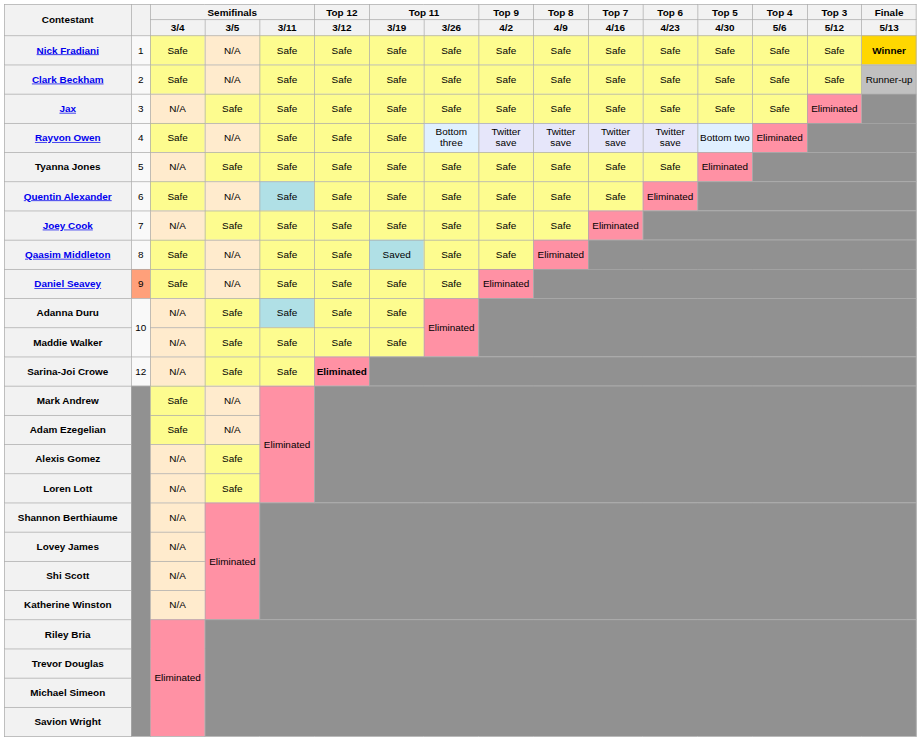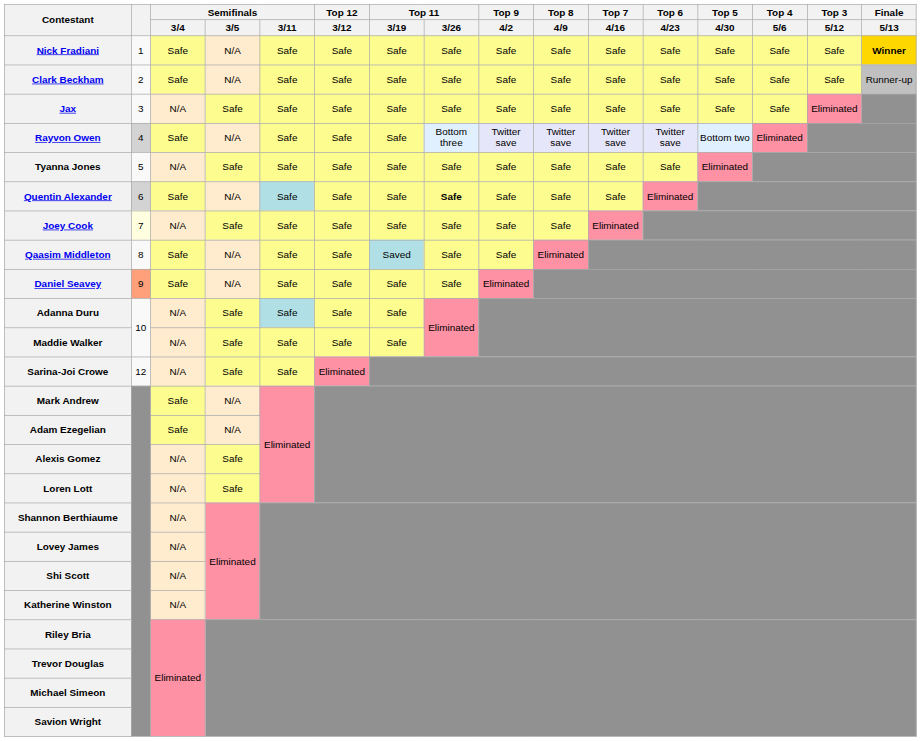 <table class="wikitable" style="text-align:center; font-size:85%;">
 <tr>
 <th scope="col" rowspan="2">Contestant</th>
 <th scope="col" rowspan="2"></th>
 <th colspan="3" scope="col" style="width:18%;">Semifinals</th>
 <th scope="col" style="width:6%;">Top 12</th>
 <th scope="col" colspan=2 style="width:12%;">Top 11</th>
 <th scope="col" style="width:6%;">Top 9</th>
 <th scope="col" style="width:6%;">Top 8</th>
 <th scope="col" style="width:6%;">Top 7</th>
 <th scope="col" style="width:6%;">Top 6</th>
 <th scope="col" style="width:6%;">Top 5</th>
 <th scope="col" style="width:6%;">Top 4</th>
 <th scope="col" style="width:6%;">Top 3</th>
 <th scope="col" style="width:6%;">Finale</th>
 </tr>
 <tr>
 <th>3/4</th>
 <th>3/5</th>
 <th>3/11</th>
 <th>3/12</th>
 <th scope="col" style="width:6%;">3/19</th>
 <th scope="col" style="width:6%;">3/26</th>
 <th>4/2</th>
 <th>4/9</th>
 <th>4/16</th>
 <th>4/23</th>
 <th>4/30</th>
 <th>5/6</th>
 <th>5/12</th>
 <th>5/13</th>
 </tr>
 <tr style="height:40px">
 <th scope="row"><a href='#'>Nick Fradiani</a></th>
 <td>1</td>
 <td style="background:#FDFC8F;">Safe</td>
 <td style="background:#FFEBCD;">N/A</td>
 <td style="background:#FDFC8F;">Safe</td>
 <td style="background:#FDFC8F;">Safe</td>
 <td style="background:#FDFC8F;">Safe</td>
 <td style="background:#FDFC8F;">Safe</td>
 <td style="background:#FDFC8F;">Safe</td>
 <td style="background:#FDFC8F;">Safe</td>
 <td style="background:#FDFC8F;">Safe</td>
 <td style="background:#FDFC8F;">Safe</td>
 <td style="background:#FDFC8F;">Safe</td>
 <td style="background:#FDFC8F;">Safe</td>
 <td style="background:#FDFC8F;">Safe</td>
 <td style="background:gold;"><strong>Winner</strong></td>
 </tr>
 <tr style="height:40px">
 <th scope="row"><a href='#'>Clark Beckham</a></th>
 <td>2</td>
 <td style="background:#FDFC8F;">Safe</td>
 <td style="background:#FFEBCD;">N/A</td>
 <td style="background:#FDFC8F;">Safe</td>
 <td style="background:#FDFC8F;">Safe</td>
 <td style="background:#FDFC8F;">Safe</td>
 <td style="background:#FDFC8F;">Safe</td>
 <td style="background:#FDFC8F;">Safe</td>
 <td style="background:#FDFC8F;">Safe</td>
 <td style="background:#FDFC8F;">Safe</td>
 <td style="background:#FDFC8F;">Safe</td>
 <td style="background:#FDFC8F;">Safe</td>
 <td style="background:#FDFC8F;">Safe</td>
 <td style="background:#FDFC8F;">Safe</td>
 <td style="background:silver;">Runner-up</td>
 </tr>
 <tr style="height:40px">
 <th scope="row"><a href='#'>Jax</a></th>
 <td>3</td>
 <td style="background:#FFEBCD;">N/A</td>
 <td style="background:#FDFC8F;">Safe</td>
 <td style="background:#FDFC8F;">Safe</td>
 <td style="background:#FDFC8F;">Safe</td>
 <td style="background:#FDFC8F;">Safe</td>
 <td style="background:#FDFC8F;">Safe</td>
 <td style="background:#FDFC8F;">Safe</td>
 <td style="background:#FDFC8F;">Safe</td>
 <td style="background:#FDFC8F;">Safe</td>
 <td style="background:#FDFC8F;">Safe</td>
 <td style="background:#FDFC8F;">Safe</td>
 <td style="background:#FDFC8F;">Safe</td>
 <td style="background:#FF91A4">Eliminated</td>
 <td style="background:#919191"></td>
 </tr>
 <tr style="height:40px">
 <th scope="row"><a href='#'>Rayvon Owen</a></th>
-<td>4</td>
+<td style="background: lightgrey;">4</td>
 <td style="background:#FDFC8F;">Safe</td>
 <td style="background:#FFEBCD;">N/A</td>
 <td style="background:#FDFC8F;">Safe</td>
 <td style="background:#FDFC8F;">Safe</td>
 <td style="background:#FDFC8F;">Safe</td>
 <td style="background:#e0f0ff">Bottom three</td>
 <td style="background:lavender">Twitter save</td>
 <td style="background:lavender">Twitter save</td>
 <td style="background:lavender">Twitter save</td>
 <td style="background:lavender">Twitter save</td>
 <td style="background:#e0f0ff">Bottom two</td>
 <td style="background:#FF91A4">Eliminated</td>
 <td colspan="2" style="background:#919191"></td>
 </tr>
 <tr style="height:40px">
 <th scope="row">Tyanna Jones</th>
 <td>5</td>
 <td style="background:#FFEBCD;">N/A</td>
 <td style="background:#FDFC8F;">Safe</td>
 <td style="background:#FDFC8F;">Safe</td>
 <td style="background:#FDFC8F;">Safe</td>
 <td style="background:#FDFC8F;">Safe</td>
 <td style="background:#FDFC8F;">Safe</td>
 <td style="background:#FDFC8F;">Safe</td>
 <td style="background:#FDFC8F;">Safe</td>
 <td style="background:#FDFC8F;">Safe</td>
 <td style="background:#FDFC8F;">Safe</td>
 <td style="background:#FF91A4">Eliminated</td>
 <td colspan="3" style="background:#919191"></td>
 </tr>
 <tr style="height:40px">
 <th scope="row"><a href='#'>Quentin Alexander</a></th>
-<td>6</td>
+<td style="background: lightgrey;">6</td>
 <td style="background:#FDFC8F;">Safe</td>
 <td style="background:#FFEBCD;">N/A</td>
 <td style="background:#B0E0E6">Safe</td>
 <td style="background:#FDFC8F;">Safe</td>
 <td style="background:#FDFC8F;">Safe</td>
-<td style="background:#FDFC8F;">Safe</td>
+<td style="background:#FDFC8F;"><strong>Safe</strong></td>
 <td style="background:#FDFC8F;">Safe</td>
 <td style="background:#FDFC8F;">Safe</td>
 <td style="background:#FDFC8F;">Safe</td>
 <td style="background:#FF91A4">Eliminated</td>
 <td colspan="4" style="background:#919191"></td>
 </tr>
 <tr style="height:40px">
 <th scope="row"><a href='#'>Joey Cook</a></th>
-<td>7</td>
+<td style="background: lightyellow;">7</td>
 <td style="background:#FFEBCD;">N/A</td>
 <td style="background:#FDFC8F;">Safe</td>
 <td style="background:#FDFC8F;">Safe</td>
 <td style="background:#FDFC8F;">Safe</td>
 <td style="background:#FDFC8F;">Safe</td>
 <td style="background:#FDFC8F;">Safe</td>
 <td style="background:#FDFC8F;">Safe</td>
 <td style="background:#FDFC8F;">Safe</td>
 <td style="background:#FF91A4">Eliminated</td>
 <td colspan="5" style="background:#919191"></td>
 </tr>
 <tr style="height:40px">
 <th scope="row"><a href='#'>Qaasim Middleton</a></th>
 <td>8</td>
 <td style="background:#FDFC8F;">Safe</td>
 <td style="background:#FFEBCD;">N/A</td>
 <td style="background:#FDFC8F;">Safe</td>
 <td style="background:#FDFC8F;">Safe</td>
 <td style="background:#B0E0E6;">Saved</td>
 <td style="background:#FDFC8F;">Safe</td>
 <td style="background:#FDFC8F;">Safe</td>
 <td style="background:#FF91A4">Eliminated</td>
 <td colspan="6" style="background:#919191"></td>
 </tr>
 <tr style="height:40px">
 <th scope="row"><a href='#'>Daniel Seavey</a></th>
 <td style="background: lightsalmon;">9</td>
 <td style="background:#FDFC8F;">Safe</td>
 <td style="background:#FFEBCD;">N/A</td>
 <td style="background:#FDFC8F;">Safe</td>
 <td style="background:#FDFC8F;">Safe</td>
 <td style="background:#FDFC8F;">Safe</td>
 <td style="background:#FDFC8F;">Safe</td>
 <td style="background:#FF91A4">Eliminated</td>
 <td colspan="7" style="background:#919191"></td>
 </tr>
 <tr style="height:40px">
 <th scope="row">Adanna Duru</th>
 <td rowspan="2">10</td>
 <td style="background:#FFEBCD;">N/A</td>
 <td style="background:#FDFC8F;">Safe</td>
 <td style="background:#B0E0E6">Safe</td>
 <td style="background:#FDFC8F;">Safe</td>
 <td style="background:#FDFC8F;">Safe</td>
 <td rowspan=2 style="background:#FF91A4">Eliminated</td>
 <td colspan="8" rowspan="2" style="background:#919191"></td>
 </tr>
 <tr style="height:40px">
 <th scope="row">Maddie Walker</th>
 <td style="background:#FFEBCD;">N/A</td>
 <td style="background:#FDFC8F;">Safe</td>
 <td style="background:#FDFC8F;">Safe</td>
 <td style="background:#FDFC8F;">Safe</td>
 <td style="background:#FDFC8F;">Safe</td>
 </tr>
 <tr style="height:40px">
 <th scope="row">Sarina-Joi Crowe</th>
 <td>12</td>
 <td style="background:#FFEBCD;">N/A</td>
 <td style="background:#FDFC8F;">Safe</td>
 <td style="background:#FDFC8F;">Safe</td>
-<td style="background:#FF91A4"><strong>Eliminated</strong></td>
+<td style="background:#FF91A4">Eliminated</td>
 <td colspan="10" style="background:#919191"></td>
 </tr>
 <tr style="height:40px">
 <th scope="row">Mark Andrew</th>
 <td rowspan="12" bgcolor="919191"></td>
 <td style="background:#FDFC8F;">Safe</td>
 <td style="background:#FFEBCD;">N/A</td>
 <td rowspan=4 style="background:#FF91A4">Eliminated</td>
 <td colspan="11" rowspan="4" style="background:#919191"></td>
 </tr>
 <tr style="height:40px">
 <th scope="row">Adam Ezegelian</th>
 <td style="background:#FDFC8F;">Safe</td>
 <td style="background:#FFEBCD;">N/A</td>
 </tr>
 <tr style="height:40px">
 <th scope="row">Alexis Gomez</th>
 <td style="background:#FFEBCD;">N/A</td>
 <td style="background:#FDFC8F;">Safe</td>
 </tr>
 <tr style="height:40px">
 <th scope="row">Loren Lott</th>
 <td style="background:#FFEBCD;">N/A</td>
 <td style="background:#FDFC8F;">Safe</td>
 </tr>
 <tr style="height:40px">
 <th scope="row">Shannon Berthiaume</th>
 <td style="background:#FFEBCD;">N/A</td>
 <td rowspan=4 style="background:#FF91A4">Eliminated</td>
 <td colspan="12" rowspan="4" style="background:#919191"></td>
 </tr>
 <tr style="height:40px">
 <th scope="row">Lovey James</th>
 <td style="background:#FFEBCD;">N/A</td>
 </tr>
 <tr style="height:40px">
 <th scope="row">Shi Scott</th>
 <td style="background:#FFEBCD;">N/A</td>
 </tr>
 <tr style="height:40px">
 <th scope="row">Katherine Winston</th>
 <td style="background:#FFEBCD;">N/A</td>
 </tr>
 <tr style="height:40px">
 <th scope="row">Riley Bria</th>
 <td style="background:#FF91A4;" rowspan="4">Eliminated</td>
 <td colspan="13" rowspan="4" style="background:#919191"></td>
 </tr>
 <tr style="height:40px">
 <th scope="row">Trevor Douglas</th>
 </tr>
 <tr style="height:40px">
 <th scope="row">Michael Simeon</th>
 </tr>
 <tr style="height:40px">
 <th scope="row">Savion Wright</th>
 </tr>
 </table>
